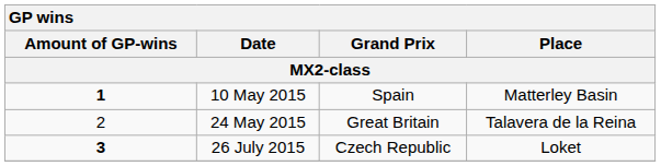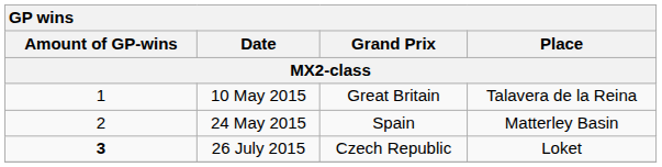 <table class="wikitable mw-collapsible mw-collapsed" style=" text-align:center; width:50%;">
 <tr>
 <th style="text-align:left;" colspan = 10>GP wins</th>
 </tr>
 <tr>
 <th>Amount of GP-wins</th>
 <th>Date</th>
 <th>Grand Prix</th>
 <th>Place</th>
 </tr>
 <tr>
 <th Colspan=4>MX2-class</th>
 </tr>
 <tr>
-<td><strong>1</strong></td>
+<td>1</td>
 <td>10 May 2015</td>
-<td>Spain</td>
-<td>Matterley Basin</td>
+<td>Great Britain</td>
+<td>Talavera de la Reina</td>
 </tr>
 <tr>
 <td>2</td>
 <td>24 May 2015</td>
-<td>Great Britain</td>
-<td>Talavera de la Reina</td>
+<td>Spain</td>
+<td>Matterley Basin</td>
 </tr>
 <tr>
 <td><strong>3</strong></td>
 <td>26 July 2015</td>
 <td>Czech Republic</td>
 <td>Loket</td>
 </tr>
 <tr>
 </tr>
 </table>
